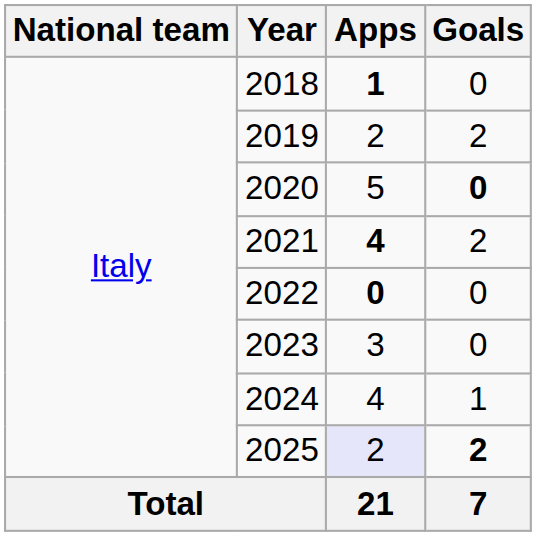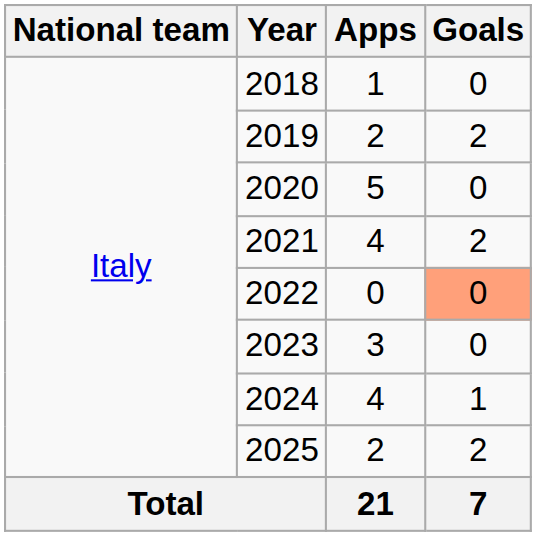 <table class = "wikitable" style = "text-align:center">
 <tr>
 <th>National team</th>
 <th>Year</th>
 <th>Apps</th>
 <th>Goals</th>
 </tr>
 <tr>
 <td rowspan="8"><a href='#'>Italy</a></td>
 <td>2018</td>
-<td><strong>1</strong></td>
+<td>1</td>
 <td>0</td>
 </tr>
 <tr>
 <td>2019</td>
 <td>2</td>
 <td>2</td>
 </tr>
 <tr>
 <td>2020</td>
 <td>5</td>
-<td><strong>0</strong></td>
+<td>0</td>
 </tr>
 <tr>
 <td>2021</td>
-<td><strong>4</strong></td>
+<td>4</td>
 <td>2</td>
 </tr>
 <tr>
 <td>2022</td>
-<td><strong>0</strong></td>
 <td>0</td>
+<td style="background: lightsalmon;">0</td>
 </tr>
 <tr>
 <td>2023</td>
 <td>3</td>
 <td>0</td>
 </tr>
 <tr>
 <td>2024</td>
 <td>4</td>
 <td>1</td>
 </tr>
 <tr>
 <td>2025</td>
-<td style="background: lavender;">2</td>
-<td><strong>2</strong></td>
+<td>2</td>
+<td>2</td>
 </tr>
 <tr>
 <th colspan="2">Total</th>
 <th>21</th>
 <th>7</th>
 </tr>
 </table>
